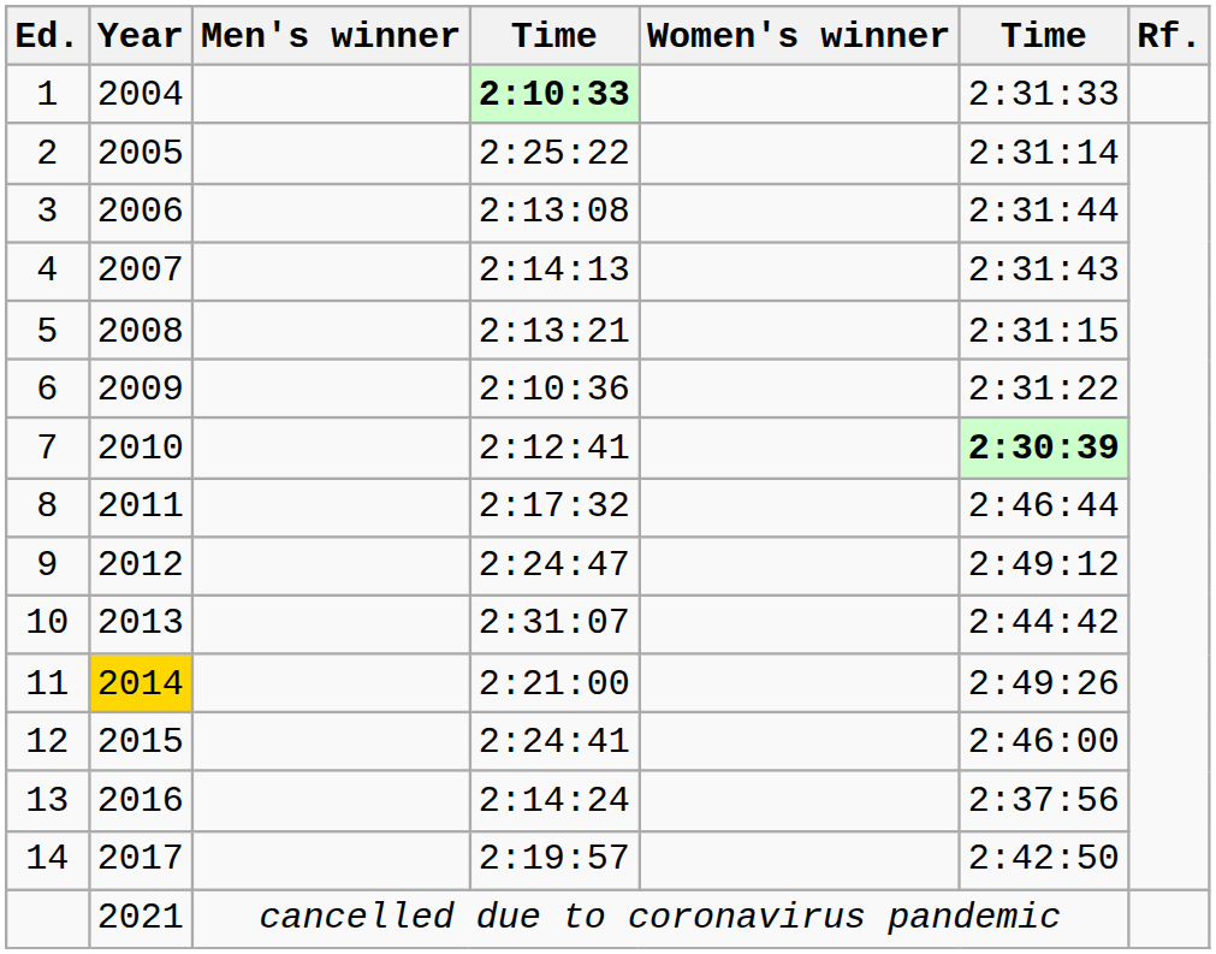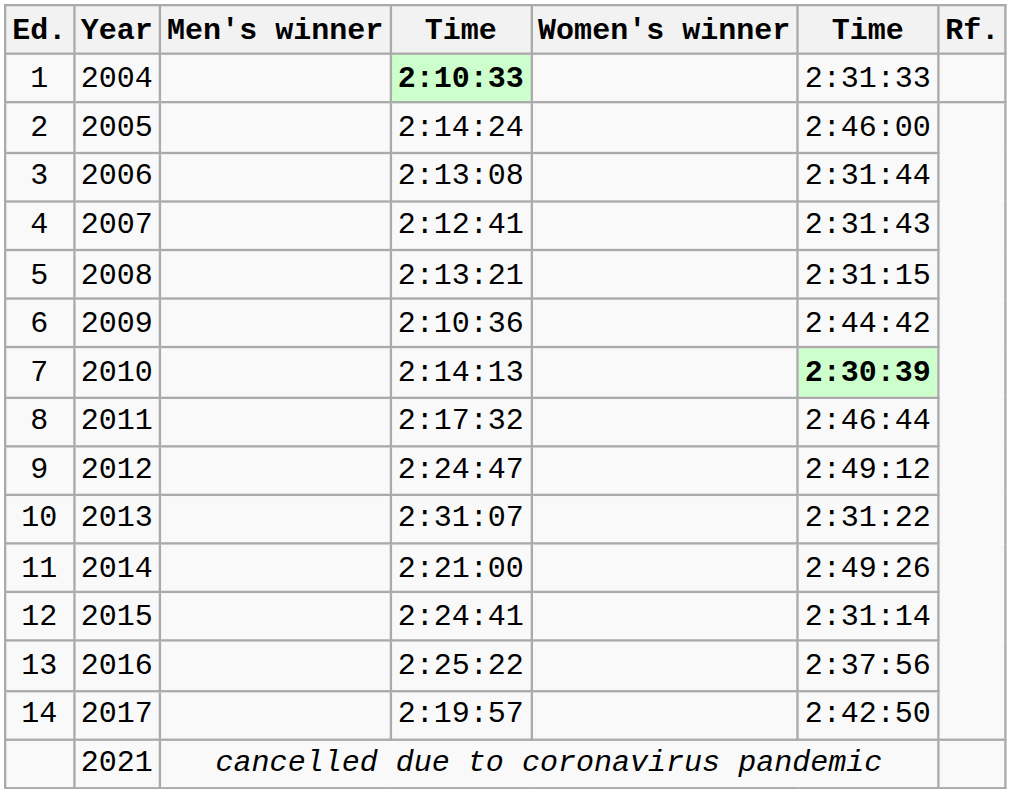 <table class="wikitable sortable" style="text-align:center">
 <tr>
 <th class="unsortable">Ed.</th>
 <th>Year</th>
 <th>Men's winner</th>
 <th>Time</th>
 <th>Women's winner</th>
 <th>Time</th>
 <th class="unsortable">Rf.</th>
 </tr>
 <tr>
 <td>1</td>
 <td>2004</td>
 <td align="left"></td>
 <td bgcolor="#CCFFCC"><strong>2:10:33</strong></td>
 <td align="left"></td>
 <td>2:31:33</td>
 <td></td>
 </tr>
 <tr>
 <td>2</td>
 <td>2005</td>
 <td align="left"></td>
-<td>2:25:22</td>
+<td>2:14:24</td>
 <td align="left"></td>
-<td>2:31:14</td>
+<td>2:46:00</td>
 </tr>
 <tr>
 <td>3</td>
 <td>2006</td>
 <td align="left"></td>
 <td>2:13:08</td>
 <td align="left"></td>
 <td>2:31:44</td>
 </tr>
 <tr>
 <td>4</td>
 <td>2007</td>
 <td align="left"></td>
-<td>2:14:13</td>
+<td>2:12:41</td>
 <td align="left"></td>
 <td>2:31:43</td>
 </tr>
 <tr>
 <td>5</td>
 <td>2008</td>
 <td align="left"></td>
 <td>2:13:21</td>
 <td align="left"></td>
 <td>2:31:15</td>
 </tr>
 <tr>
 <td>6</td>
 <td>2009</td>
 <td align="left"></td>
 <td>2:10:36</td>
 <td align="left"></td>
-<td>2:31:22</td>
+<td>2:44:42</td>
 </tr>
 <tr>
 <td>7</td>
 <td>2010</td>
 <td align="left"></td>
-<td>2:12:41</td>
+<td>2:14:13</td>
 <td align="left"></td>
 <td bgcolor="#CCFFCC"><strong>2:30:39</strong></td>
 </tr>
 <tr>
 <td>8</td>
 <td>2011</td>
 <td align="left"></td>
 <td>2:17:32</td>
 <td align="left"></td>
 <td>2:46:44</td>
 </tr>
 <tr>
 <td>9</td>
 <td>2012</td>
 <td align="left"></td>
 <td>2:24:47</td>
 <td align="left"></td>
 <td>2:49:12</td>
 </tr>
 <tr>
 <td>10</td>
 <td>2013</td>
 <td align="left"></td>
 <td>2:31:07</td>
 <td align="left"></td>
-<td>2:44:42</td>
+<td>2:31:22</td>
 </tr>
 <tr>
 <td>11</td>
-<td style="background: gold;">2014</td>
+<td>2014</td>
 <td align="left"></td>
 <td>2:21:00</td>
 <td align="left"></td>
 <td>2:49:26</td>
 </tr>
 <tr>
 <td>12</td>
 <td>2015</td>
 <td align="left"></td>
 <td>2:24:41</td>
 <td align="left"></td>
-<td>2:46:00</td>
+<td>2:31:14</td>
 </tr>
 <tr>
 <td>13</td>
 <td>2016</td>
 <td align="left"></td>
-<td>2:14:24</td>
+<td>2:25:22</td>
 <td align="left"></td>
 <td>2:37:56</td>
 </tr>
 <tr>
 <td>14</td>
 <td>2017</td>
 <td align="left"></td>
 <td>2:19:57</td>
 <td align="left"></td>
 <td>2:42:50</td>
 </tr>
 <tr>
 <td></td>
 <td>2021</td>
 <td colspan="4" align="center" data-sort-value=""><em>cancelled due to coronavirus pandemic</em></td>
 <td></td>
 </tr>
 </table>
